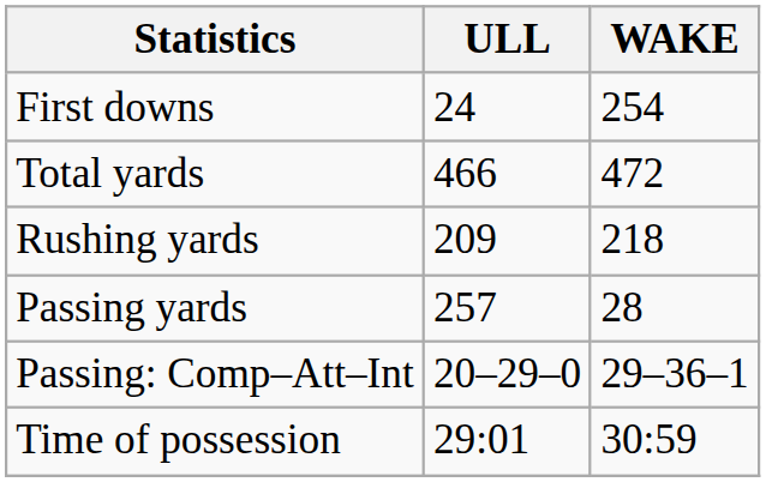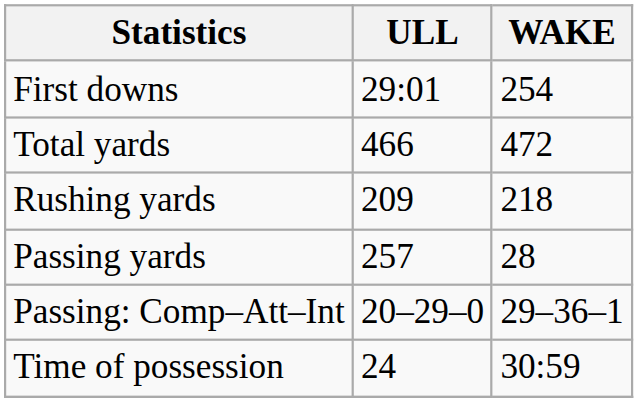 <table class="wikitable" style="float: left;">
 <tr>
 <th>Statistics</th>
 <th>ULL</th>
 <th>WAKE</th>
 </tr>
 <tr>
 <td>First downs</td>
-<td>24</td>
+<td>29:01</td>
 <td>254</td>
 </tr>
 <tr>
 <td>Total yards</td>
 <td>466</td>
 <td>472</td>
 </tr>
 <tr>
 <td>Rushing yards</td>
 <td>209</td>
 <td>218</td>
 </tr>
 <tr>
 <td>Passing yards</td>
 <td>257</td>
 <td>28</td>
 </tr>
 <tr>
 <td>Passing: Comp–Att–Int</td>
 <td>20–29–0</td>
 <td>29–36–1</td>
 </tr>
 <tr>
 <td>Time of possession</td>
-<td>29:01</td>
+<td>24</td>
 <td>30:59</td>
 </tr>
 <tr>
 </tr>
 </table>
